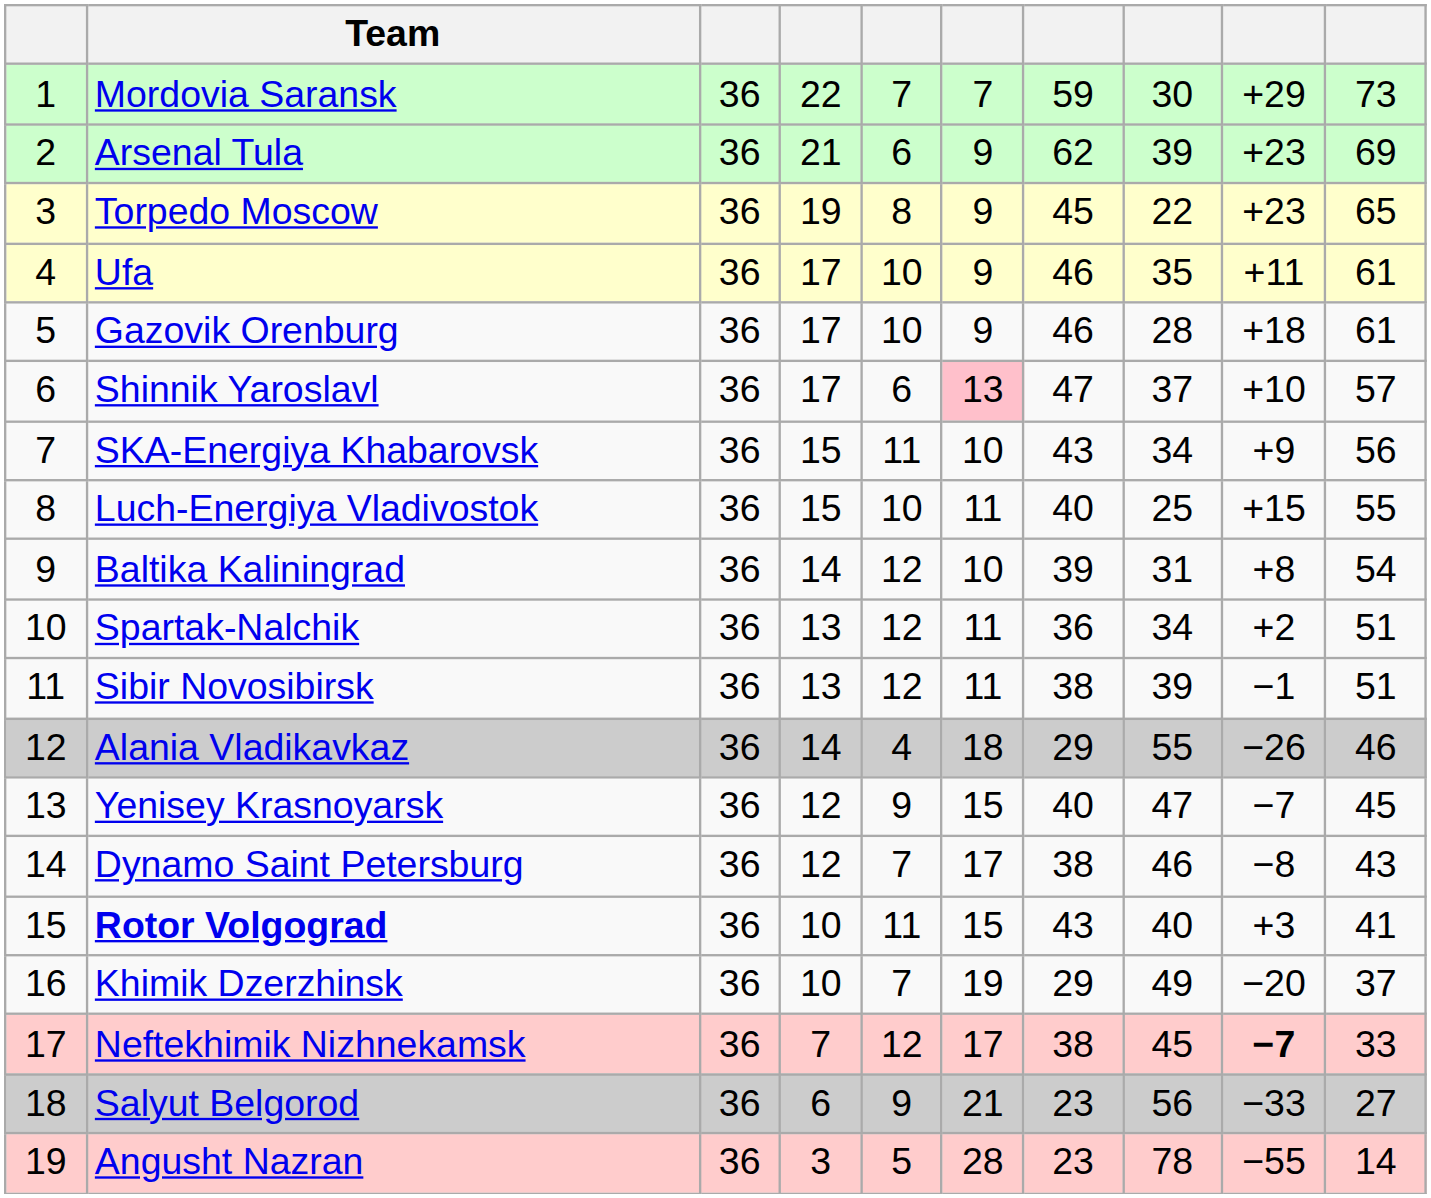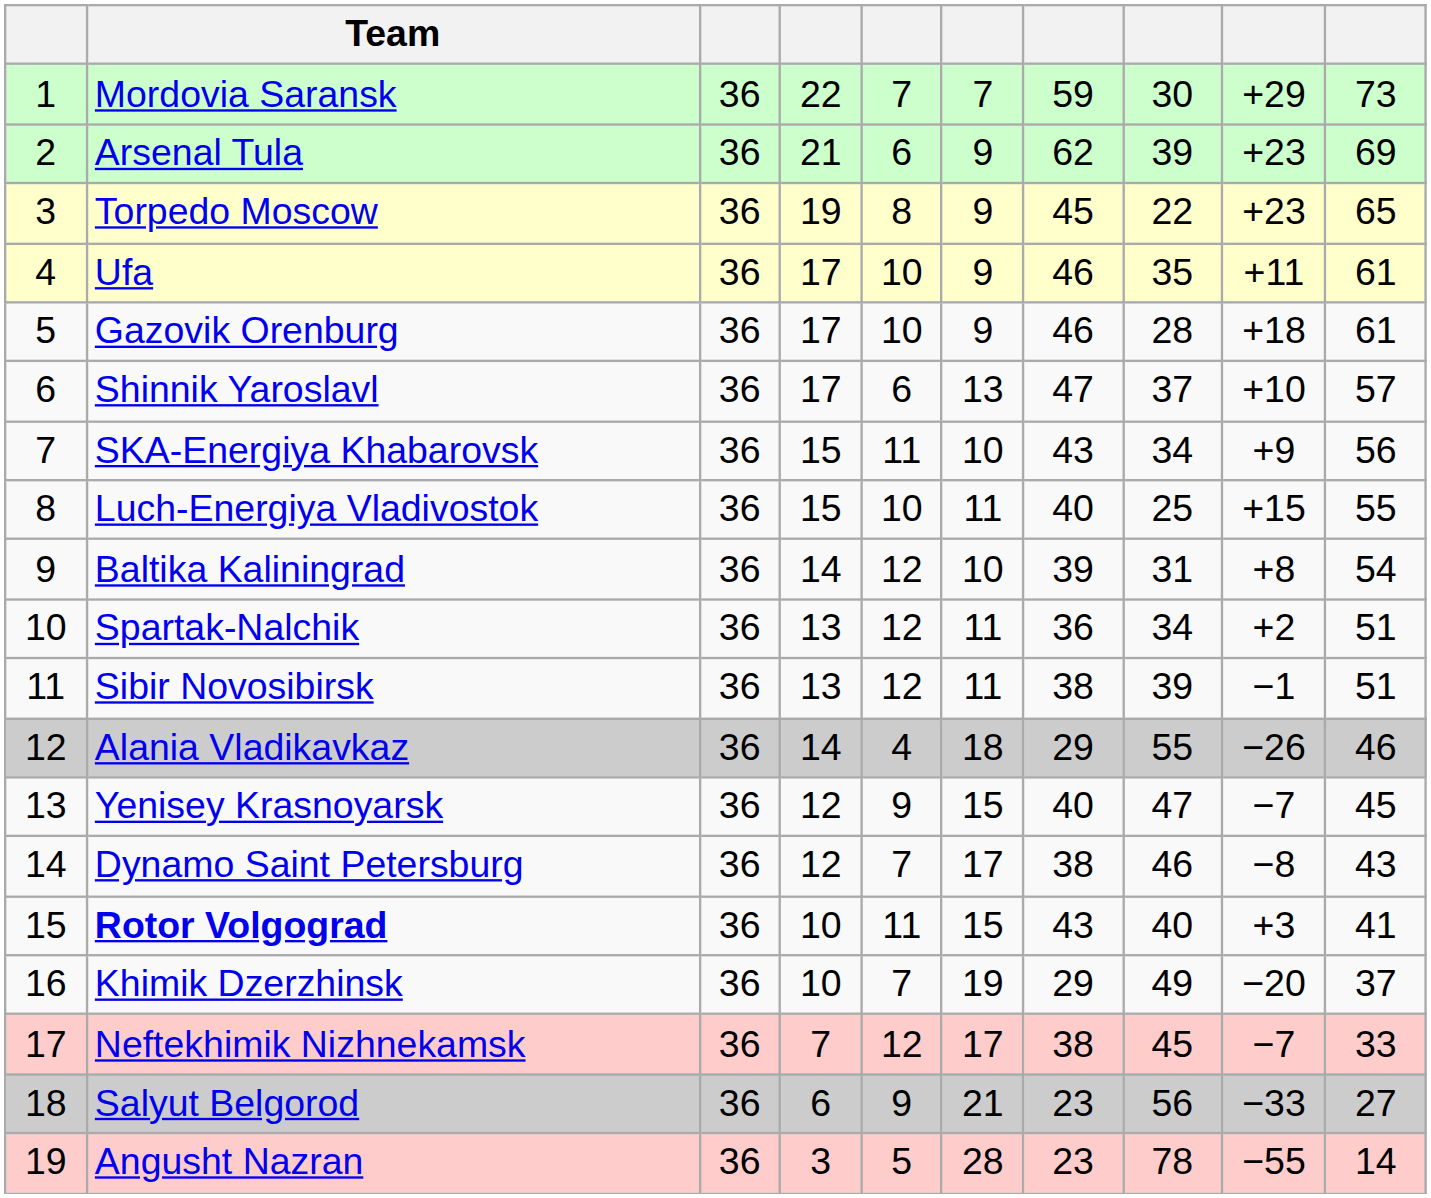 <table class="wikitable" style="text-align:center">
 <tr>
 <th width=30></th>
 <th width=300>Team</th>
 <th width=30></th>
 <th width=30></th>
 <th width=30></th>
 <th width=30></th>
 <th width=40></th>
 <th width=40></th>
 <th width=40></th>
 <th width=40></th>
 </tr>
 <tr bgcolor=CCFFCC>
 <td>1</td>
 <td align=left><a href='#'>Mordovia Saransk</a></td>
 <td>36</td>
 <td>22</td>
 <td>7</td>
 <td>7</td>
 <td>59</td>
 <td>30</td>
 <td>+29</td>
 <td>73</td>
 </tr>
 <tr bgcolor=CCFFCC>
 <td>2</td>
 <td align=left><a href='#'>Arsenal Tula</a></td>
 <td>36</td>
 <td>21</td>
 <td>6</td>
 <td>9</td>
 <td>62</td>
 <td>39</td>
 <td>+23</td>
 <td>69</td>
 </tr>
 <tr bgcolor=FFFFCC>
 <td>3</td>
 <td align=left><a href='#'>Torpedo Moscow</a></td>
 <td>36</td>
 <td>19</td>
 <td>8</td>
 <td>9</td>
 <td>45</td>
 <td>22</td>
 <td>+23</td>
 <td>65</td>
 </tr>
 <tr bgcolor=FFFFCC>
 <td>4</td>
 <td align=left><a href='#'>Ufa</a></td>
 <td>36</td>
 <td>17</td>
 <td>10</td>
 <td>9</td>
 <td>46</td>
 <td>35</td>
 <td>+11</td>
 <td>61</td>
 </tr>
 <tr>
 <td>5</td>
 <td align=left><a href='#'>Gazovik Orenburg</a></td>
 <td>36</td>
 <td>17</td>
 <td>10</td>
 <td>9</td>
 <td>46</td>
 <td>28</td>
 <td>+18</td>
 <td>61</td>
 </tr>
 <tr>
 <td>6</td>
 <td align=left><a href='#'>Shinnik Yaroslavl</a></td>
 <td>36</td>
 <td>17</td>
 <td>6</td>
-<td style="background: pink;">13</td>
+<td>13</td>
 <td>47</td>
 <td>37</td>
 <td>+10</td>
 <td>57</td>
 </tr>
 <tr>
 <td>7</td>
 <td align=left><a href='#'>SKA-Energiya Khabarovsk</a></td>
 <td>36</td>
 <td>15</td>
 <td>11</td>
 <td>10</td>
 <td>43</td>
 <td>34</td>
 <td>+9</td>
 <td>56</td>
 </tr>
 <tr>
 <td>8</td>
 <td align=left><a href='#'>Luch-Energiya Vladivostok</a></td>
 <td>36</td>
 <td>15</td>
 <td>10</td>
 <td>11</td>
 <td>40</td>
 <td>25</td>
 <td>+15</td>
 <td>55</td>
 </tr>
 <tr>
 <td>9</td>
 <td align=left><a href='#'>Baltika Kaliningrad</a></td>
 <td>36</td>
 <td>14</td>
 <td>12</td>
 <td>10</td>
 <td>39</td>
 <td>31</td>
 <td>+8</td>
 <td>54</td>
 </tr>
 <tr>
 <td>10</td>
 <td align=left><a href='#'>Spartak-Nalchik</a></td>
 <td>36</td>
 <td>13</td>
 <td>12</td>
 <td>11</td>
 <td>36</td>
 <td>34</td>
 <td>+2</td>
 <td>51</td>
 </tr>
 <tr>
 <td>11</td>
 <td align=left><a href='#'>Sibir Novosibirsk</a></td>
 <td>36</td>
 <td>13</td>
 <td>12</td>
 <td>11</td>
 <td>38</td>
 <td>39</td>
 <td>−1</td>
 <td>51</td>
 </tr>
 <tr bgcolor=CCCCCC>
 <td>12</td>
 <td align=left><a href='#'>Alania Vladikavkaz</a></td>
 <td>36</td>
 <td>14</td>
 <td>4</td>
 <td>18</td>
 <td>29</td>
 <td>55</td>
 <td>−26</td>
 <td>46</td>
 </tr>
 <tr>
 <td>13</td>
 <td align=left><a href='#'>Yenisey Krasnoyarsk</a></td>
 <td>36</td>
 <td>12</td>
 <td>9</td>
 <td>15</td>
 <td>40</td>
 <td>47</td>
 <td>−7</td>
 <td>45</td>
 </tr>
 <tr>
 <td>14</td>
 <td align=left><a href='#'>Dynamo Saint Petersburg</a></td>
 <td>36</td>
 <td>12</td>
 <td>7</td>
 <td>17</td>
 <td>38</td>
 <td>46</td>
 <td>−8</td>
 <td>43</td>
 </tr>
 <tr>
 <td>15</td>
 <td align=left><strong><a href='#'>Rotor Volgograd</a></strong></td>
 <td>36</td>
 <td>10</td>
 <td>11</td>
 <td>15</td>
 <td>43</td>
 <td>40</td>
 <td>+3</td>
 <td>41</td>
 </tr>
 <tr>
 <td>16</td>
 <td align=left><a href='#'>Khimik Dzerzhinsk</a></td>
 <td>36</td>
 <td>10</td>
 <td>7</td>
 <td>19</td>
 <td>29</td>
 <td>49</td>
 <td>−20</td>
 <td>37</td>
 </tr>
 <tr bgcolor=FFCCCC>
 <td>17</td>
 <td align=left><a href='#'>Neftekhimik Nizhnekamsk</a></td>
 <td>36</td>
 <td>7</td>
 <td>12</td>
 <td>17</td>
 <td>38</td>
 <td>45</td>
-<td><strong>−7</strong></td>
+<td>−7</td>
 <td>33</td>
 </tr>
 <tr bgcolor=CCCCCC>
 <td>18</td>
 <td align=left><a href='#'>Salyut Belgorod</a></td>
 <td>36</td>
 <td>6</td>
 <td>9</td>
 <td>21</td>
 <td>23</td>
 <td>56</td>
 <td>−33</td>
 <td>27</td>
 </tr>
 <tr bgcolor=FFCCCC>
 <td>19</td>
 <td align=left><a href='#'>Angusht Nazran</a></td>
 <td>36</td>
 <td>3</td>
 <td>5</td>
 <td>28</td>
 <td>23</td>
 <td>78</td>
 <td>−55</td>
 <td>14</td>
 </tr>
 </table>
